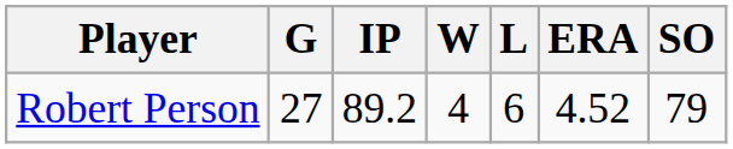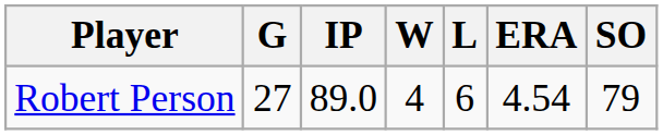 <table class="wikitable sortable">
 <tr>
 <th>Player</th>
 <th>G</th>
 <th>IP</th>
 <th>W</th>
 <th>L</th>
 <th>ERA</th>
 <th>SO</th>
 </tr>
 <tr align=center>
 <td><a href='#'>Robert Person</a></td>
 <td>27</td>
-<td>89.2</td>
+<td>89.0</td>
 <td>4</td>
 <td>6</td>
-<td>4.52</td>
+<td>4.54</td>
 <td>79</td>
 </tr>
 </table>
